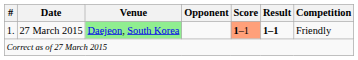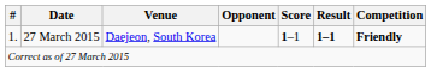 <table class="wikitable" style="font-size:90%; text-align: lef;">
 <tr>
 <th>#</th>
 <th>Date</th>
 <th>Venue</th>
 <th>Opponent</th>
 <th>Score</th>
 <th>Result</th>
 <th>Competition</th>
 </tr>
 <tr>
 <td>1.</td>
 <td>27 March 2015</td>
-<td style="background: lightgreen;"><a href='#'>Daejeon</a>, <a href='#'>South Korea</a></td>
+<td><a href='#'>Daejeon</a>, <a href='#'>South Korea</a></td>
 <td></td>
-<td style="background: lightsalmon;"><strong>1</strong>–1</td>
+<td><strong>1</strong>–1</td>
 <td><strong>1–1</strong></td>
-<td>Friendly</td>
+<td><strong>Friendly</strong></td>
 </tr>
 <tr>
 <td colspan="12"><small><em>Correct as of 27 March 2015</em></small></td>
 </tr>
 </table>
